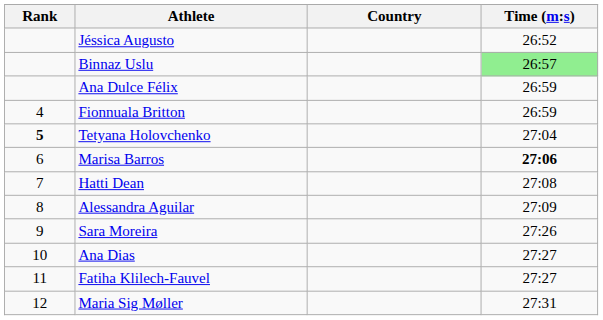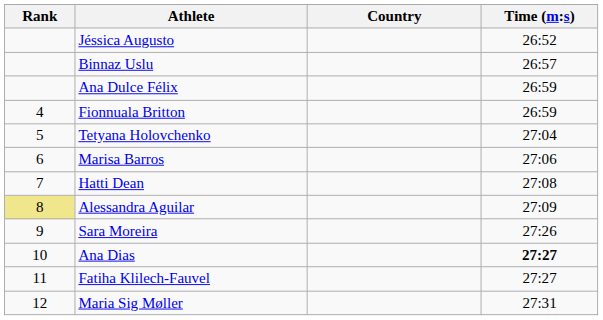 <table class="wikitable" width=50%>
 <tr>
 </tr>
 <tr>
 <th width=5%>Rank</th>
 <th width=20%>Athlete</th>
 <th width=15%>Country</th>
 <th width=10%>Time (<a href='#'>m</a>:<a href='#'>s</a>)</th>
 </tr>
 <tr align="center">
 <td></td>
 <td align="left"><a href='#'>Jéssica Augusto</a></td>
 <td align="left"></td>
 <td>26:52</td>
 </tr>
 <tr align="center">
 <td></td>
 <td align="left"><a href='#'>Binnaz Uslu</a></td>
 <td align="left"></td>
-<td style="background: lightgreen;">26:57</td>
+<td>26:57</td>
 </tr>
 <tr align="center">
 <td></td>
 <td align="left"><a href='#'>Ana Dulce Félix</a></td>
 <td align="left"></td>
 <td>26:59</td>
 </tr>
 <tr align="center">
 <td>4</td>
 <td align="left"><a href='#'>Fionnuala Britton</a></td>
 <td align="left"></td>
 <td>26:59</td>
 </tr>
 <tr align="center">
-<td><strong>5</strong></td>
+<td>5</td>
 <td align="left"><a href='#'>Tetyana Holovchenko</a></td>
 <td align="left"></td>
 <td>27:04</td>
 </tr>
 <tr align="center">
 <td>6</td>
 <td align="left"><a href='#'>Marisa Barros</a></td>
 <td align="left"></td>
-<td><strong>27:06</strong></td>
+<td>27:06</td>
 </tr>
 <tr align="center">
 <td>7</td>
 <td align="left"><a href='#'>Hatti Dean</a></td>
 <td align="left"></td>
 <td>27:08</td>
 </tr>
 <tr align="center">
-<td>8</td>
+<td style="background: khaki;">8</td>
 <td align="left"><a href='#'>Alessandra Aguilar</a></td>
 <td align="left"></td>
 <td>27:09</td>
 </tr>
 <tr align="center">
 <td>9</td>
 <td align="left"><a href='#'>Sara Moreira</a></td>
 <td align="left"></td>
 <td>27:26</td>
 </tr>
 <tr align="center">
 <td>10</td>
 <td align="left"><a href='#'>Ana Dias</a></td>
 <td align="left"></td>
-<td>27:27</td>
+<td><strong>27:27</strong></td>
 </tr>
 <tr align="center">
 <td>11</td>
 <td align="left"><a href='#'>Fatiha Klilech-Fauvel</a></td>
 <td align="left"></td>
 <td>27:27</td>
 </tr>
 <tr align="center">
 <td>12</td>
 <td align="left"><a href='#'>Maria Sig Møller</a></td>
 <td align="left"></td>
 <td>27:31</td>
 </tr>
 </table>
